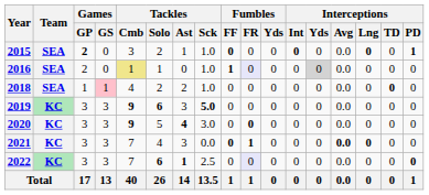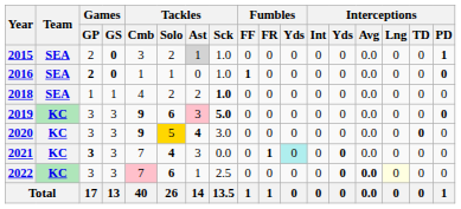 <table class="wikitable" style="text-align:center;">
 <tr>
 <th rowspan="2">Year</th>
 <th rowspan="2">Team</th>
 <th colspan="2">Games</th>
 <th colspan="4">Tackles</th>
 <th colspan="3">Fumbles</th>
 <th colspan="6">Interceptions</th>
 </tr>
 <tr>
 <th>GP</th>
 <th>GS</th>
 <th>Cmb</th>
 <th>Solo</th>
 <th>Ast</th>
 <th>Sck</th>
 <th>FF</th>
 <th>FR</th>
 <th>Yds</th>
 <th>Int</th>
 <th>Yds</th>
 <th>Avg</th>
 <th>Lng</th>
 <th>TD</th>
 <th>PD</th>
 </tr>
 <tr>
 <th><a href='#'>2015</a></th>
 <th><a href='#'>SEA</a></th>
-<td><strong>2</strong></td>
-<td>0</td>
+<td>2</td>
+<td><strong>0</strong></td>
 <td>3</td>
 <td>2</td>
-<td>1</td>
+<td style="background: lightgrey;">1</td>
 <td>1.0</td>
-<td><strong>0</strong></td>
 <td>0</td>
 <td>0</td>
-<td><strong>0</strong></td>
+<td>0</td>
+<td>0</td>
 <td>0</td>
 <td>0.0</td>
-<td><strong>0</strong></td>
+<td>0</td>
 <td>0</td>
 <td><strong>1</strong></td>
 </tr>
 <tr>
 <th><a href='#'>2016</a></th>
 <th><a href='#'>SEA</a></th>
-<td>2</td>
-<td>0</td>
-<td style="background: khaki;">1</td>
+<td><strong>2</strong></td>
+<td><strong>0</strong></td>
+<td>1</td>
 <td>1</td>
 <td>0</td>
 <td>1.0</td>
 <td><strong>1</strong></td>
-<td style="background: lavender;">0</td>
 <td>0</td>
 <td>0</td>
-<td style="background: lightgrey;">0</td>
+<td>0</td>
+<td>0</td>
+<td>0.0</td>
+<td>0</td>
+<td>0</td>
+<td><strong>0</strong></td>
+</tr>
+<tr>
+<th><a href='#'>2018</a></th>
+<th><a href='#'>SEA</a></th>
+<td>1</td>
+<td>1</td>
+<td>4</td>
+<td>2</td>
+<td>2</td>
+<td><strong>1.0</strong></td>
+<td>0</td>
+<td>0</td>
+<td>0</td>
+<td>0</td>
+<td>0</td>
 <td>0.0</td>
 <td>0</td>
 <td>0</td>
 <td>0</td>
 </tr>
 <tr>
-<th><a href='#'>2018</a></th>
-<th><a href='#'>SEA</a></th>
-<td>1</td>
-<td style="background: pink;">1</td>
-<td>4</td>
-<td>2</td>
-<td>2</td>
-<td>1.0</td>
+<th><a href='#'>2019</a></th>
+<th style="background:#afe6ba; width:3em;"><a href='#'>KC</a></th>
+<td>3</td>
+<td>3</td>
+<td><strong>9</strong></td>
+<td><strong>6</strong></td>
+<td style="background: pink;">3</td>
+<td><strong>5.0</strong></td>
+<td>0</td>
+<td>0</td>
+<td>0</td>
+<td>0</td>
+<td>0</td>
+<td>0.0</td>
+<td>0</td>
+<td>0</td>
+<td><strong>0</strong></td>
+</tr>
+<tr>
+<th><a href='#'>2020</a></th>
+<th><a href='#'>KC</a></th>
+<td>3</td>
+<td>3</td>
+<td><strong>9</strong></td>
+<td style="background: gold;">5</td>
+<td><strong>4</strong></td>
+<td>3.0</td>
 <td>0</td>
 <td>0</td>
 <td>0</td>
 <td>0</td>
 <td>0</td>
 <td>0.0</td>
 <td>0</td>
 <td><strong>0</strong></td>
 <td>0</td>
 </tr>
 <tr>
-<th><a href='#'>2019</a></th>
-<th style="background:#afe6ba; width:3em;"><a href='#'>KC</a></th>
+<th><a href='#'>2021</a></th>
+<th><a href='#'>KC</a></th>
+<td><strong>3</strong></td>
 <td>3</td>
+<td>7</td>
+<td><strong>4</strong></td>
 <td>3</td>
-<td><strong>9</strong></td>
-<td><strong>6</strong></td>
-<td>3</td>
-<td><strong>5.0</strong></td>
-<td>0</td>
-<td>0</td>
-<td>0</td>
-<td>0</td>
-<td>0</td>
 <td>0.0</td>
 <td>0</td>
-<td>0</td>
-<td>0</td>
-</tr>
-<tr>
-<th><a href='#'>2020</a></th>
-<th><a href='#'>KC</a></th>
-<td>3</td>
-<td>3</td>
-<td><strong>9</strong></td>
-<td>5</td>
-<td><strong>4</strong></td>
-<td>3.0</td>
+<td><strong>1</strong></td>
+<td style="background: paleturquoise;">0</td>
 <td>0</td>
 <td><strong>0</strong></td>
-<td>0</td>
-<td>0</td>
-<td>0</td>
 <td>0.0</td>
 <td>0</td>
-<td>0</td>
-<td>0</td>
-</tr>
-<tr>
-<th><a href='#'>2021</a></th>
-<th><a href='#'>KC</a></th>
-<td>3</td>
-<td>3</td>
-<td>7</td>
-<td>4</td>
-<td>3</td>
-<td>0.0</td>
-<td><strong>0</strong></td>
-<td><strong>1</strong></td>
-<td>0</td>
-<td>0</td>
-<td>0</td>
-<td><strong>0.0</strong></td>
-<td><strong>0</strong></td>
 <td>0</td>
 <td>0</td>
 </tr>
 <tr>
 <th><a href='#'>2022</a></th>
 <th style="background:#afe6ba; width:3em;"><a href='#'>KC</a></th>
 <td>3</td>
 <td>3</td>
-<td>7</td>
+<td style="background: pink;">7</td>
 <td><strong>6</strong></td>
-<td><strong>1</strong></td>
+<td>1</td>
 <td>2.5</td>
-<td>0</td>
-<td style="background: lavender;">0</td>
 <td>0</td>
 <td>0</td>
 <td>0</td>
-<td>0.0</td>
+<td>0</td>
+<td><strong>0</strong></td>
+<td><strong>0.0</strong></td>
+<td style="background: lightyellow;">0</td>
 <td>0</td>
 <td>0</td>
-<td><strong>0</strong></td>
 </tr>
 <tr>
 <th colspan="2">Total</th>
 <th>17</th>
 <th>13</th>
 <th>40</th>
 <th>26</th>
 <th>14</th>
 <th>13.5</th>
 <th>1</th>
 <th>1</th>
 <th>0</th>
 <th>0</th>
 <th>0</th>
 <th>0.0</th>
 <th>0</th>
 <th>0</th>
 <th>1</th>
 </tr>
 </table>
